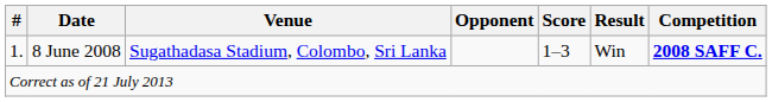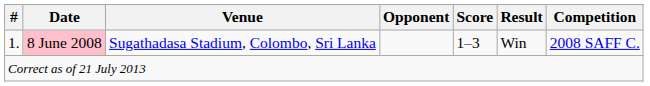 <table class="wikitable" style="font-size:95%;">
 <tr>
 <th>#</th>
 <th>Date</th>
 <th>Venue</th>
 <th>Opponent</th>
 <th>Score</th>
 <th>Result</th>
 <th>Competition</th>
 </tr>
 <tr>
 <td>1.</td>
-<td>8 June 2008</td>
+<td style="background: pink;">8 June 2008</td>
 <td><a href='#'>Sugathadasa Stadium</a>, <a href='#'>Colombo</a>, <a href='#'>Sri Lanka</a></td>
 <td></td>
 <td>1–3</td>
 <td>Win</td>
-<td><strong><a href='#'>2008 SAFF C.</a></strong></td>
+<td><a href='#'>2008 SAFF C.</a></td>
 </tr>
 <tr>
 <td colspan="12"><small><em>Correct as of 21 July 2013</em></small></td>
 </tr>
 </table>
